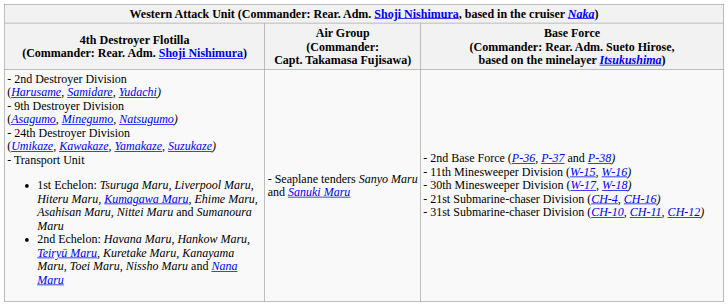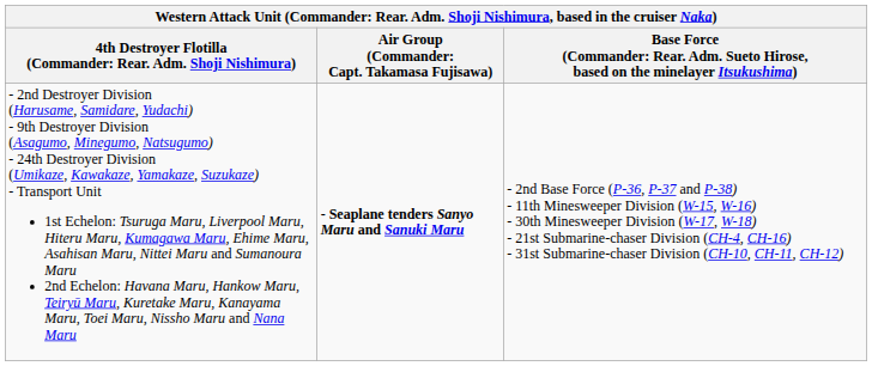 <table class="wikitable" style="width: 960px">
 <tr>
 <th colspan="3">Western Attack Unit (Commander: Rear. Adm. <a href='#'>Shoji Nishimura</a>, based in the cruiser <em><a href='#'>Naka</a></em>)</th>
 </tr>
 <tr>
 <th>4th Destroyer Flotilla<br>(Commander: Rear. Adm. <a href='#'>Shoji Nishimura</a>)</th>
 <th><strong>Air Group</strong><br>(Commander:<br>Capt. Takamasa Fujisawa)</th>
 <th><strong>Base Force</strong><br>(Commander: Rear. Adm. Sueto Hirose,<br>based on the minelayer <em><a href='#'>Itsukushima</a></em>)</th>
 </tr>
 <tr>
 <td style="width: 340px">- 2nd Destroyer Division<br>(<em><a href='#'>Harusame</a>, <a href='#'>Samidare</a>, <a href='#'>Yudachi</a>)</em><br>- 9th Destroyer Division<br>(<em><a href='#'>Asagumo</a>, <a href='#'>Minegumo</a>, <a href='#'>Natsugumo</a>)</em><br>- 24th Destroyer Division<br>(<em><a href='#'>Umikaze</a>, <a href='#'>Kawakaze</a>, <a href='#'>Yamakaze</a>, <a href='#'>Suzukaze</a>)</em><br>- Transport Unit<ul><li>1st Echelon: <em>Tsuruga Maru, Liverpool Maru, Hiteru Maru, <a href='#'>Kumagawa Maru</a>, Ehime Maru, Asahisan Maru, Nittei Maru</em> and <em>Sumanoura Maru</em></li><li>2nd Echelon: <em>Havana Maru, Hankow Maru, <a href='#'>Teiryū Maru</a>, Kuretake Maru, Kanayama Maru, Toei Maru</em>, <em>Nissho Maru</em> and <em><a href='#'>Nana Maru</a></em></li></ul></td>
-<td style="width: 200px">- Seaplane tenders <em>Sanyo Maru</em> and <em><a href='#'>Sanuki Maru</a></em></td>
+<td style="width: 200px"><strong>- Seaplane tenders <em>Sanyo Maru</em> and <em><a href='#'>Sanuki Maru</a></em></strong></td>
 <td>- 2nd Base Force (<em><a href='#'>P-36</a>, <a href='#'>P-37</a></em> and <em><a href='#'>P-38</a>)</em><br>- 11th Minesweeper Division (<em><a href='#'>W-15</a>, <a href='#'>W-16</a>)</em><br>- 30th Minesweeper Division (<em><a href='#'>W-17</a>, <a href='#'>W-18</a>)</em><br>- 21st Submarine-chaser Division (<em><a href='#'>CH-4</a>, <a href='#'>CH-16</a>)</em><br>- 31st Submarine-chaser Division (<a href='#'><em>CH-10</em></a><em>, <a href='#'>CH-11</a>, <a href='#'>CH-12</a>)</em></td>
 </tr>
 </table>
